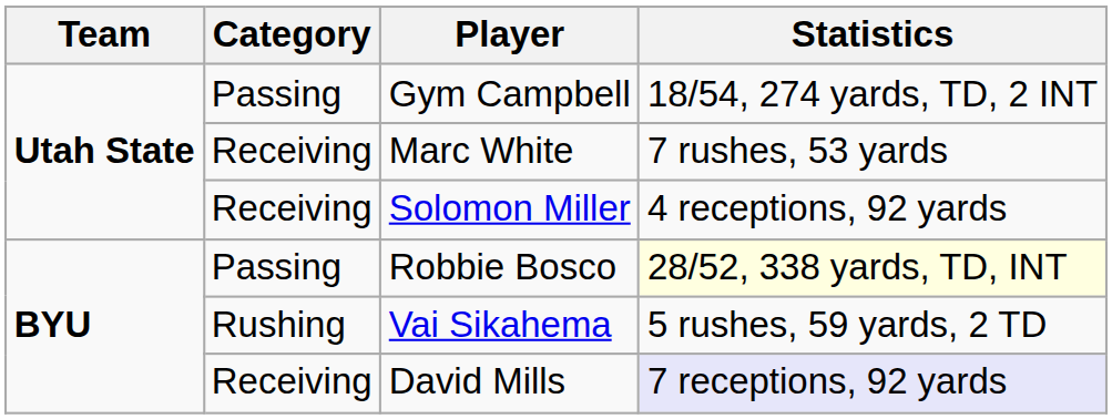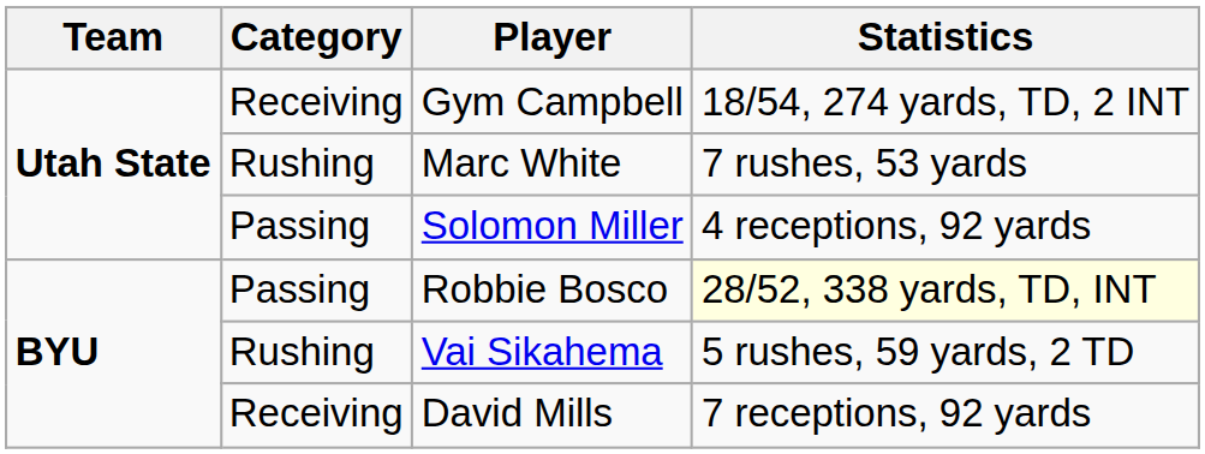 <table class="wikitable" style="float: left;">
 <tr>
 <th>Team</th>
 <th>Category</th>
 <th>Player</th>
 <th>Statistics</th>
 </tr>
 <tr>
 <td rowspan=3><strong>Utah State</strong></td>
-<td>Passing</td>
+<td>Receiving</td>
 <td>Gym Campbell</td>
 <td>18/54, 274 yards, TD, 2 INT</td>
 </tr>
 <tr>
-<td>Receiving</td>
+<td>Rushing</td>
 <td>Marc White</td>
 <td>7 rushes, 53 yards</td>
 </tr>
 <tr>
-<td>Receiving</td>
+<td>Passing</td>
 <td><a href='#'>Solomon Miller</a></td>
 <td>4 receptions, 92 yards</td>
 </tr>
 <tr>
 <td rowspan=3><strong>BYU</strong></td>
 <td>Passing</td>
 <td>Robbie Bosco</td>
 <td style="background: lightyellow;">28/52, 338 yards, TD, INT</td>
 </tr>
 <tr>
 <td>Rushing</td>
 <td><a href='#'>Vai Sikahema</a></td>
 <td>5 rushes, 59 yards, 2 TD</td>
 </tr>
 <tr>
 <td>Receiving</td>
 <td>David Mills</td>
-<td style="background: lavender;">7 receptions, 92 yards</td>
+<td>7 receptions, 92 yards</td>
 </tr>
 </table>
